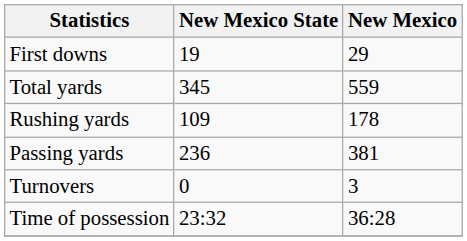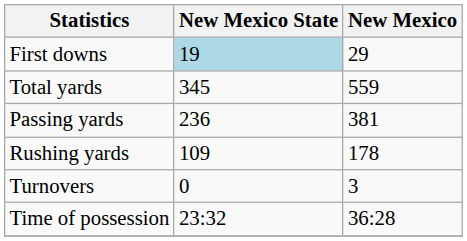 <table class="wikitable">
 <tr>
 <th>Statistics</th>
 <th>New Mexico State</th>
 <th>New Mexico</th>
 </tr>
 <tr>
 <td>First downs</td>
-<td>19</td>
+<td style="background: lightblue;">19</td>
 <td>29</td>
 </tr>
 <tr>
 <td>Total yards</td>
 <td>345</td>
 <td>559</td>
 </tr>
 <tr>
+<td>Passing yards</td>
+<td>236</td>
+<td>381</td>
+</tr>
+<tr>
 <td>Rushing yards</td>
 <td>109</td>
 <td>178</td>
-</tr>
-<tr>
-<td>Passing yards</td>
-<td>236</td>
-<td>381</td>
 </tr>
 <tr>
 <td>Turnovers</td>
 <td>0</td>
 <td>3</td>
 </tr>
 <tr>
 <td>Time of possession</td>
 <td>23:32</td>
 <td>36:28</td>
 </tr>
 <tr>
 </tr>
 </table>
